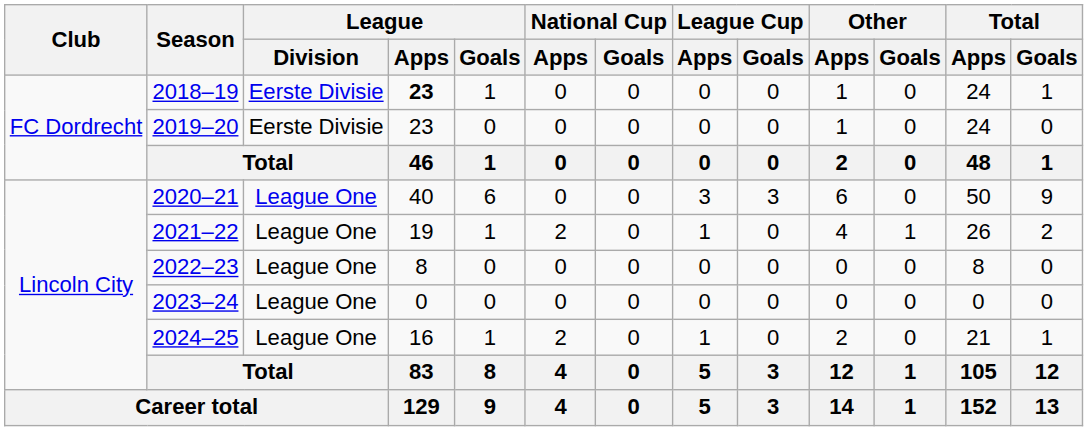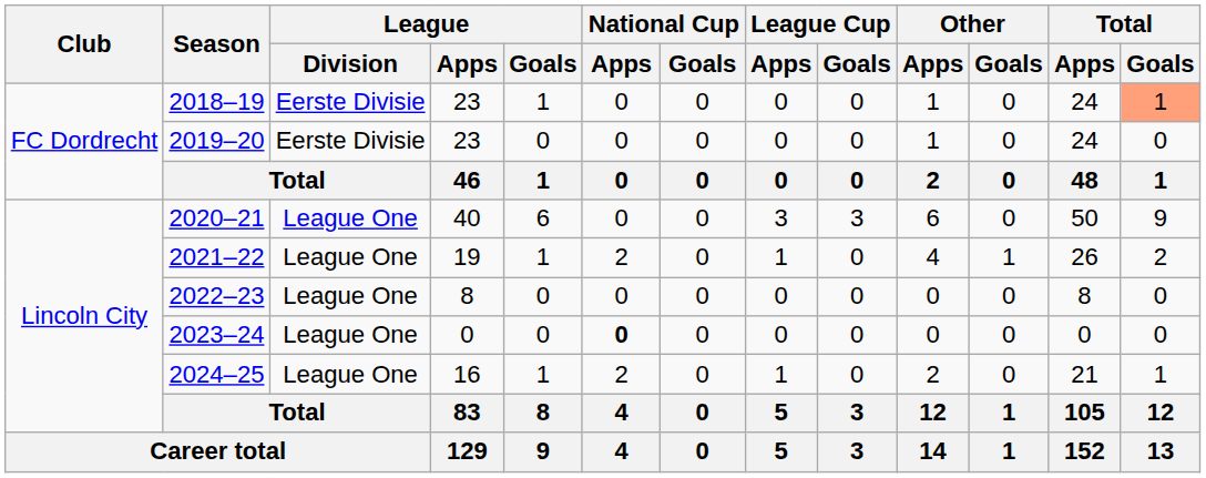 <table class="wikitable" style="text-align:center">
 <tr>
 <th rowspan="2">Club</th>
 <th rowspan="2">Season</th>
 <th colspan="3">League</th>
 <th colspan="2">National Cup</th>
 <th colspan="2">League Cup</th>
 <th colspan="2">Other</th>
 <th colspan="2">Total</th>
 </tr>
 <tr>
 <th>Division</th>
 <th>Apps</th>
 <th>Goals</th>
 <th>Apps</th>
 <th>Goals</th>
 <th>Apps</th>
 <th>Goals</th>
 <th>Apps</th>
 <th>Goals</th>
 <th>Apps</th>
 <th>Goals</th>
 </tr>
 <tr>
 <td rowspan="3"><a href='#'>FC Dordrecht</a></td>
 <td><a href='#'>2018–19</a></td>
 <td><a href='#'>Eerste Divisie</a></td>
-<td><strong>23</strong></td>
+<td>23</td>
 <td>1</td>
 <td>0</td>
 <td>0</td>
 <td>0</td>
 <td>0</td>
 <td>1</td>
 <td>0</td>
 <td>24</td>
-<td>1</td>
+<td style="background: lightsalmon;">1</td>
 </tr>
 <tr>
 <td><a href='#'>2019–20</a></td>
 <td>Eerste Divisie</td>
 <td>23</td>
 <td>0</td>
 <td>0</td>
 <td>0</td>
 <td>0</td>
 <td>0</td>
 <td>1</td>
 <td>0</td>
 <td>24</td>
 <td>0</td>
 </tr>
 <tr>
 <th colspan="2">Total</th>
 <th>46</th>
 <th>1</th>
 <th>0</th>
 <th>0</th>
 <th>0</th>
 <th>0</th>
 <th>2</th>
 <th>0</th>
 <th>48</th>
 <th>1</th>
 </tr>
 <tr>
 <td rowspan=6><a href='#'>Lincoln City</a></td>
 <td><a href='#'>2020–21</a></td>
 <td><a href='#'>League One</a></td>
 <td>40</td>
 <td>6</td>
 <td>0</td>
 <td>0</td>
 <td>3</td>
 <td>3</td>
 <td>6</td>
 <td>0</td>
 <td>50</td>
 <td>9</td>
 </tr>
 <tr>
 <td><a href='#'>2021–22</a></td>
 <td>League One</td>
 <td>19</td>
 <td>1</td>
 <td>2</td>
 <td>0</td>
 <td>1</td>
 <td>0</td>
 <td>4</td>
 <td>1</td>
 <td>26</td>
 <td>2</td>
 </tr>
 <tr>
 <td><a href='#'>2022–23</a></td>
 <td>League One</td>
 <td>8</td>
 <td>0</td>
 <td>0</td>
 <td>0</td>
 <td>0</td>
 <td>0</td>
 <td>0</td>
 <td>0</td>
 <td>8</td>
 <td>0</td>
 </tr>
 <tr>
 <td><a href='#'>2023–24</a></td>
 <td>League One</td>
 <td>0</td>
 <td>0</td>
-<td>0</td>
+<td><strong>0</strong></td>
 <td>0</td>
 <td>0</td>
 <td>0</td>
 <td>0</td>
 <td>0</td>
 <td>0</td>
 <td>0</td>
 </tr>
 <tr>
 <td><a href='#'>2024–25</a></td>
 <td>League One</td>
 <td>16</td>
 <td>1</td>
 <td>2</td>
 <td>0</td>
 <td>1</td>
 <td>0</td>
 <td>2</td>
 <td>0</td>
 <td>21</td>
 <td>1</td>
 </tr>
 <tr>
 <th colspan="2">Total</th>
 <th>83</th>
 <th>8</th>
 <th>4</th>
 <th>0</th>
 <th>5</th>
 <th>3</th>
 <th>12</th>
 <th>1</th>
 <th>105</th>
 <th>12</th>
 </tr>
 <tr>
 <th colspan="3">Career total</th>
 <th>129</th>
 <th>9</th>
 <th>4</th>
 <th>0</th>
 <th>5</th>
 <th>3</th>
 <th>14</th>
 <th>1</th>
 <th>152</th>
 <th>13</th>
 </tr>
 </table>
